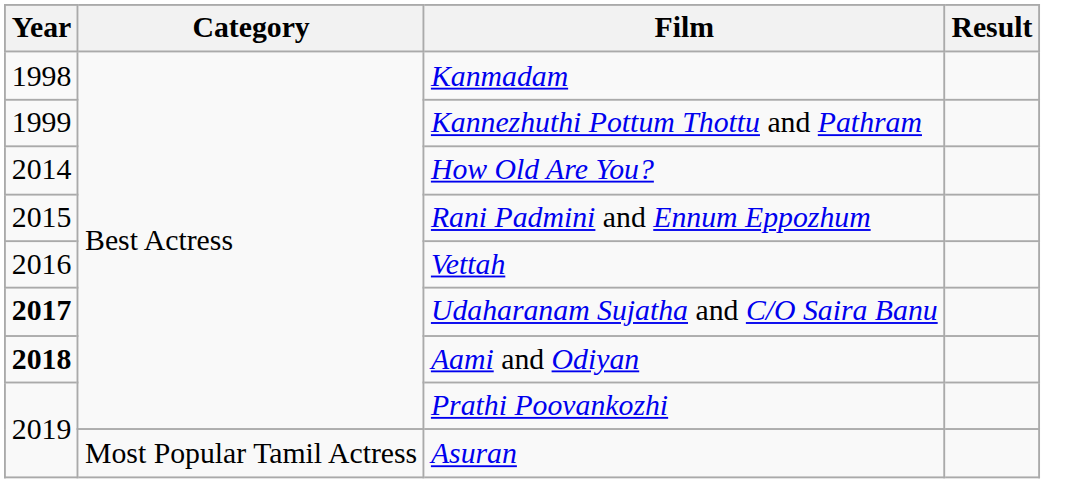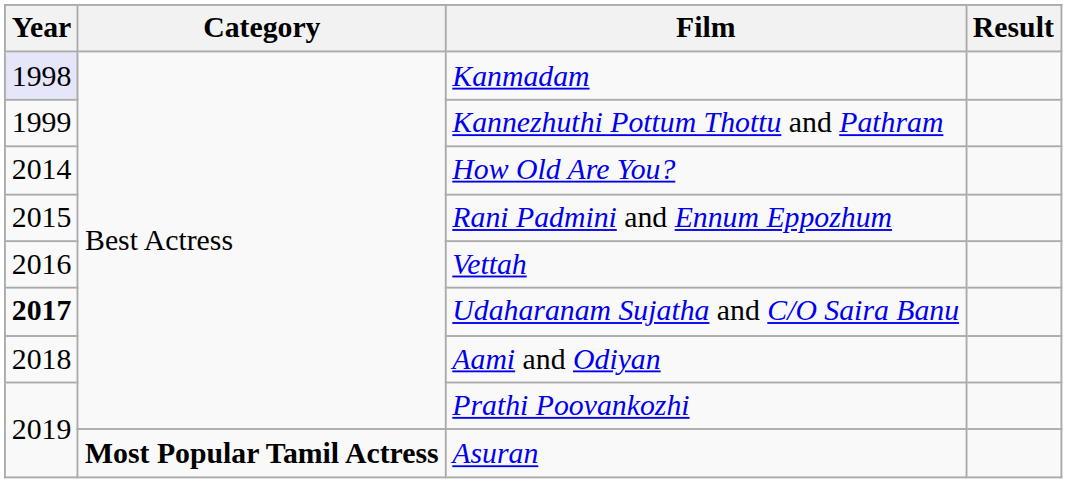 <table class="wikitable">
 <tr>
 <th>Year</th>
 <th>Category</th>
 <th>Film</th>
 <th>Result</th>
 </tr>
 <tr>
-<td>1998</td>
+<td style="background: lavender;">1998</td>
 <td rowspan="8">Best Actress</td>
 <td><em><a href='#'>Kanmadam</a></em></td>
 <td></td>
 </tr>
 <tr>
 <td>1999</td>
 <td><em><a href='#'>Kannezhuthi Pottum Thottu</a></em> and <em><a href='#'>Pathram</a></em></td>
 <td></td>
 </tr>
 <tr>
 <td>2014</td>
 <td><em><a href='#'>How Old Are You?</a></em></td>
 <td></td>
 </tr>
 <tr>
 <td>2015</td>
 <td><em><a href='#'>Rani Padmini</a></em> and <em><a href='#'>Ennum Eppozhum</a></em></td>
 <td></td>
 </tr>
 <tr>
 <td>2016</td>
 <td><em><a href='#'>Vettah</a></em></td>
 <td></td>
 </tr>
 <tr>
 <td><strong>2017</strong></td>
 <td><em><a href='#'>Udaharanam Sujatha</a></em> and <em><a href='#'>C/O Saira Banu</a></em></td>
 <td></td>
 </tr>
 <tr>
-<td><strong>2018</strong></td>
+<td>2018</td>
 <td><em><a href='#'>Aami</a></em> and <em><a href='#'>Odiyan</a></em></td>
 <td></td>
 </tr>
 <tr>
 <td rowspan="2">2019</td>
 <td><em><a href='#'>Prathi Poovankozhi</a></em></td>
 <td></td>
 </tr>
 <tr>
-<td>Most Popular Tamil Actress</td>
+<td><strong>Most Popular Tamil Actress</strong></td>
 <td><a href='#'><em>Asuran</em></a></td>
 <td></td>
 </tr>
 </table>
